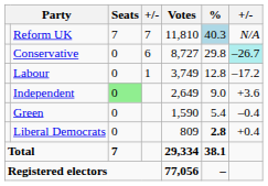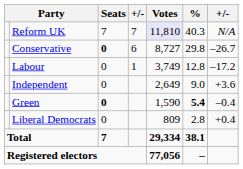 <table class="wikitable sortable">
 <tr>
 <th colspan="2">Party</th>
 <th>Seats</th>
 <th>+/-</th>
 <th>Votes</th>
 <th>%</th>
 <th>+/-</th>
 </tr>
 <tr>
 <td style="background-color: "></td>
 <td><a href='#'>Reform UK</a></td>
 <td>7</td>
 <td> 7</td>
-<td style="text-align:right;">11,810</td>
-<td style="background: lightblue; text-align:right;">40.3</td>
+<td style="background: lavender; text-align:right;">11,810</td>
+<td style="text-align:right;">40.3</td>
 <td style="text-align:right;"><em>N/A</em></td>
 </tr>
 <tr>
 <td style="background-color: "></td>
 <td><a href='#'>Conservative</a></td>
-<td>0</td>
+<td><strong>0</strong></td>
 <td> 6</td>
 <td style="text-align:right;">8,727</td>
 <td style="text-align:right;">29.8</td>
-<td style="background: paleturquoise; text-align:right;">–26.7</td>
+<td style="text-align:right;">–26.7</td>
 </tr>
 <tr>
 <td style="background-color: "></td>
 <td><a href='#'>Labour</a></td>
 <td>0</td>
 <td> 1</td>
 <td style="text-align:right;">3,749</td>
 <td style="text-align:right;">12.8</td>
 <td style="text-align:right;">–17.2</td>
 </tr>
 <tr>
 <td style="background-color: "></td>
 <td><a href='#'>Independent</a></td>
-<td style="background: lightgreen;">0</td>
+<td>0</td>
 <td></td>
 <td style="text-align:right;">2,649</td>
 <td style="text-align:right;">9.0</td>
 <td style="text-align:right;">+3.6</td>
 </tr>
 <tr>
 <td style="background-color: "></td>
 <td><a href='#'>Green</a></td>
-<td>0</td>
+<td><strong>0</strong></td>
 <td></td>
 <td style="text-align:right;">1,590</td>
-<td style="text-align:right;">5.4</td>
+<td style="text-align:right;"><strong>5.4</strong></td>
 <td style="text-align:right;">–0.4</td>
 </tr>
 <tr>
 <td style="background-color: "></td>
 <td><a href='#'>Liberal Democrats</a></td>
 <td>0</td>
 <td></td>
 <td style="text-align:right;">809</td>
-<td style="text-align:right;"><strong>2.8</strong></td>
+<td style="text-align:right;">2.8</td>
 <td style="text-align:right;">+0.4</td>
 </tr>
 <tr>
 <td colspan="2"><strong>Total</strong></td>
 <td><strong>7</strong></td>
 <td></td>
 <td style="text-align:right;"><strong>29,334</strong></td>
 <td style="text-align:right;"><strong>38.1</strong></td>
 <td style="text-align:right;"></td>
 </tr>
 <tr>
 <td colspan="4"><strong>Registered electors</strong></td>
 <td style="text-align:right;"><strong>77,056</strong></td>
 <td style="text-align:right;"><strong>–</strong></td>
 <td style="text-align:right;"></td>
 </tr>
 </table>
